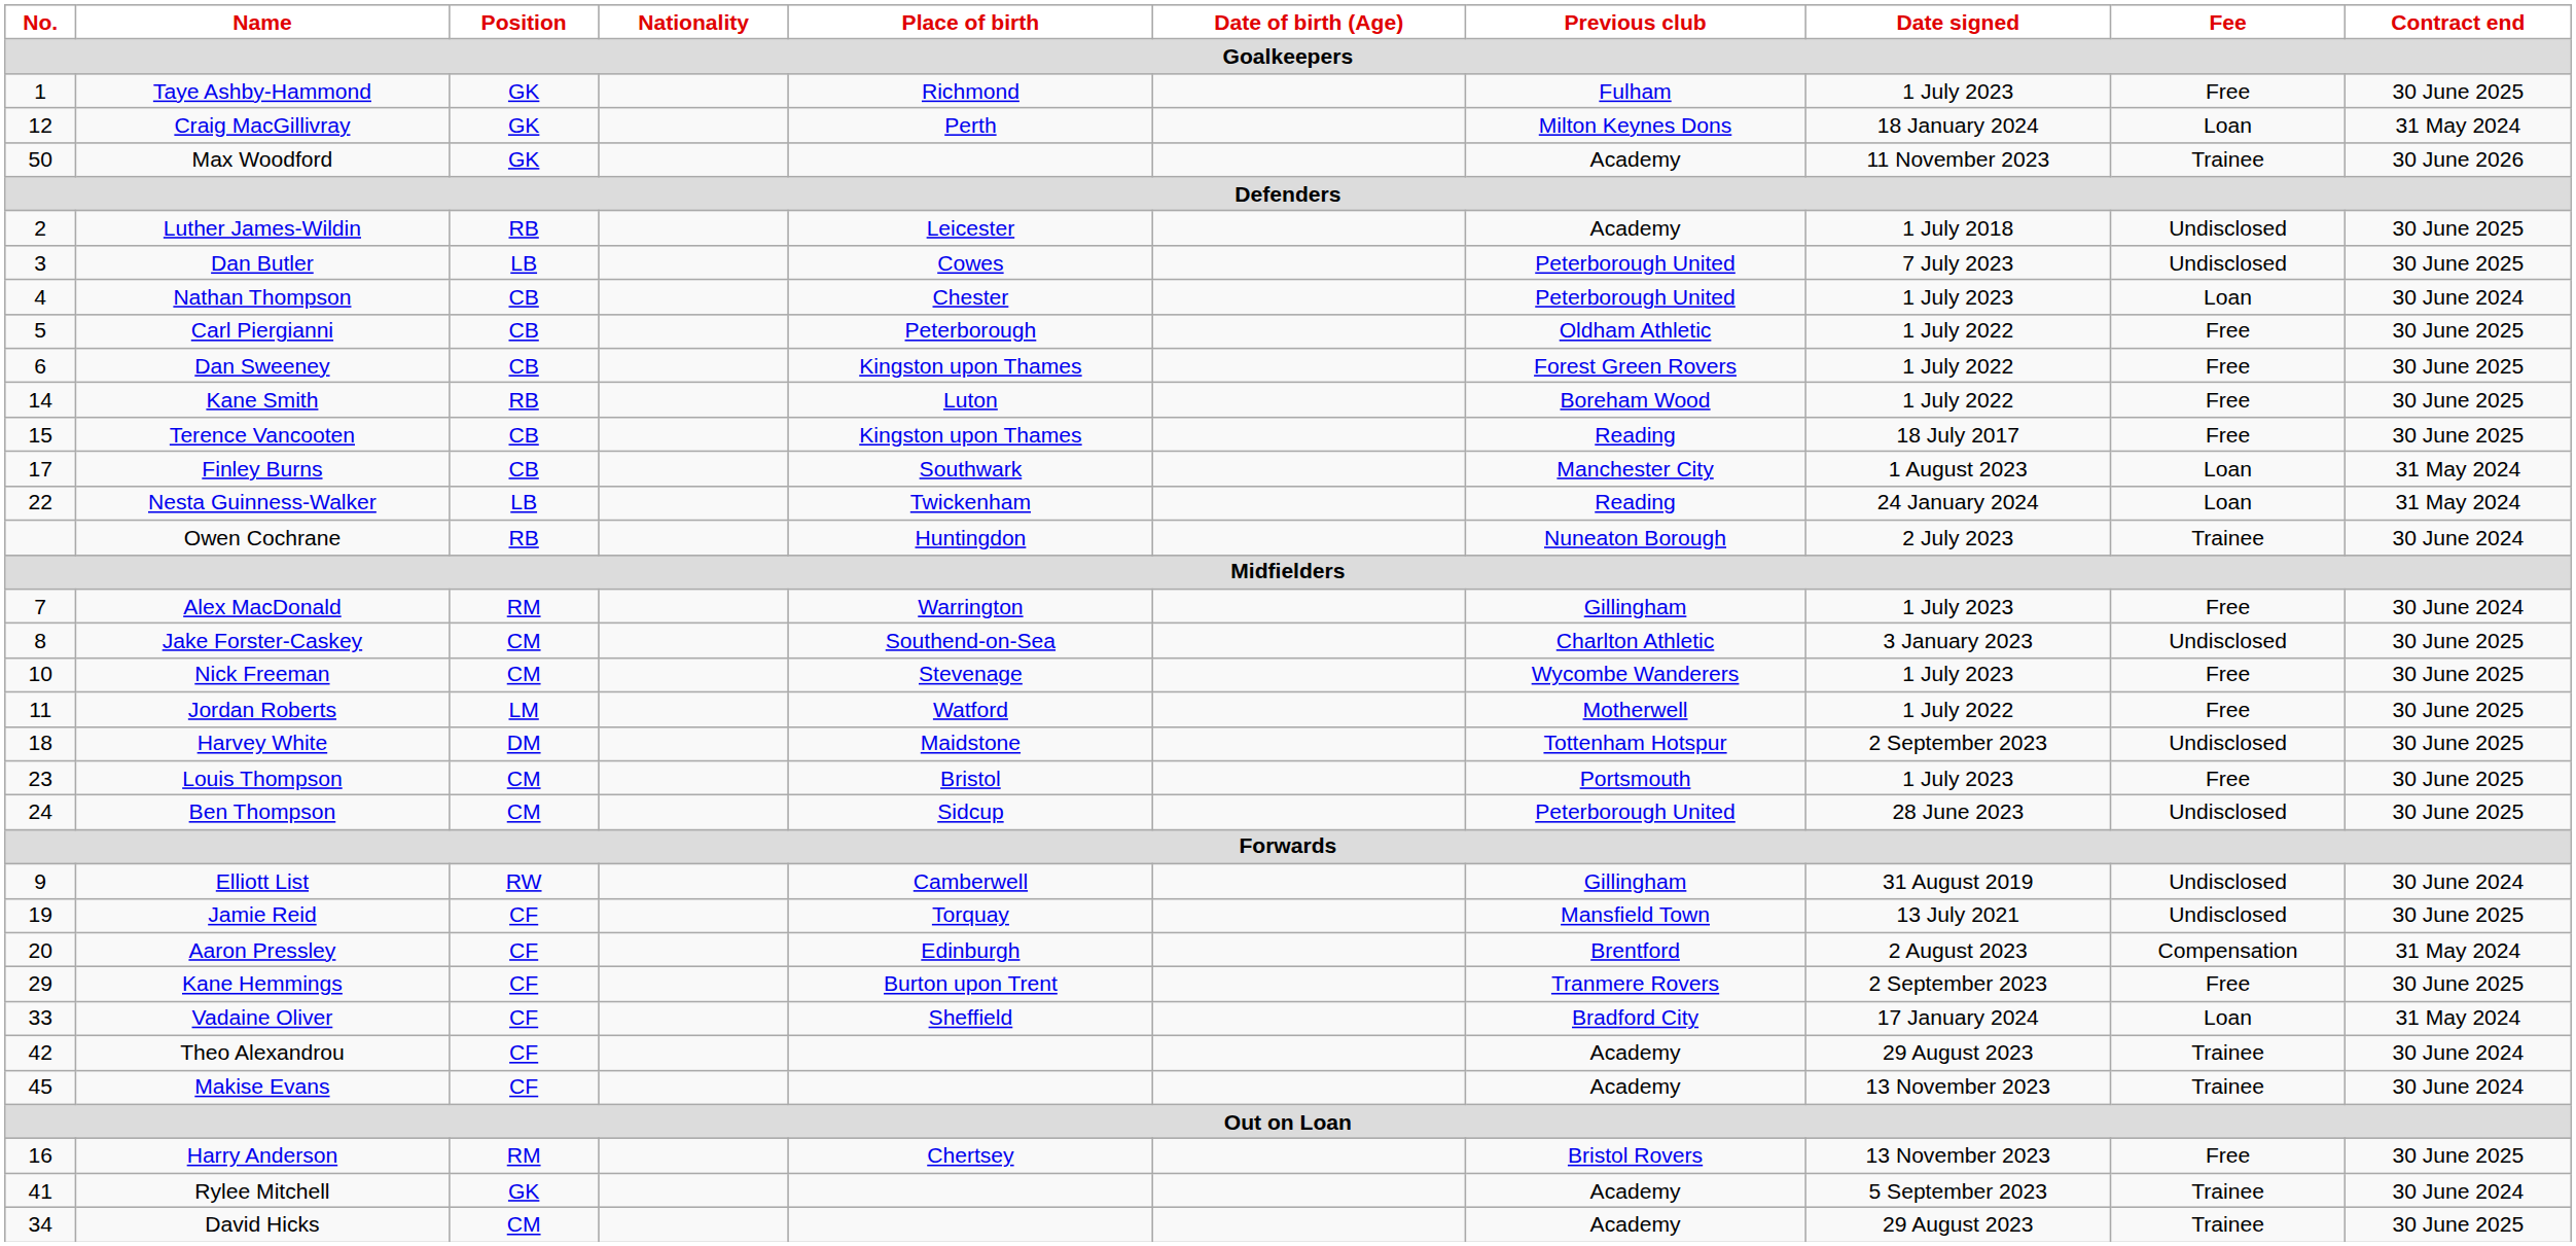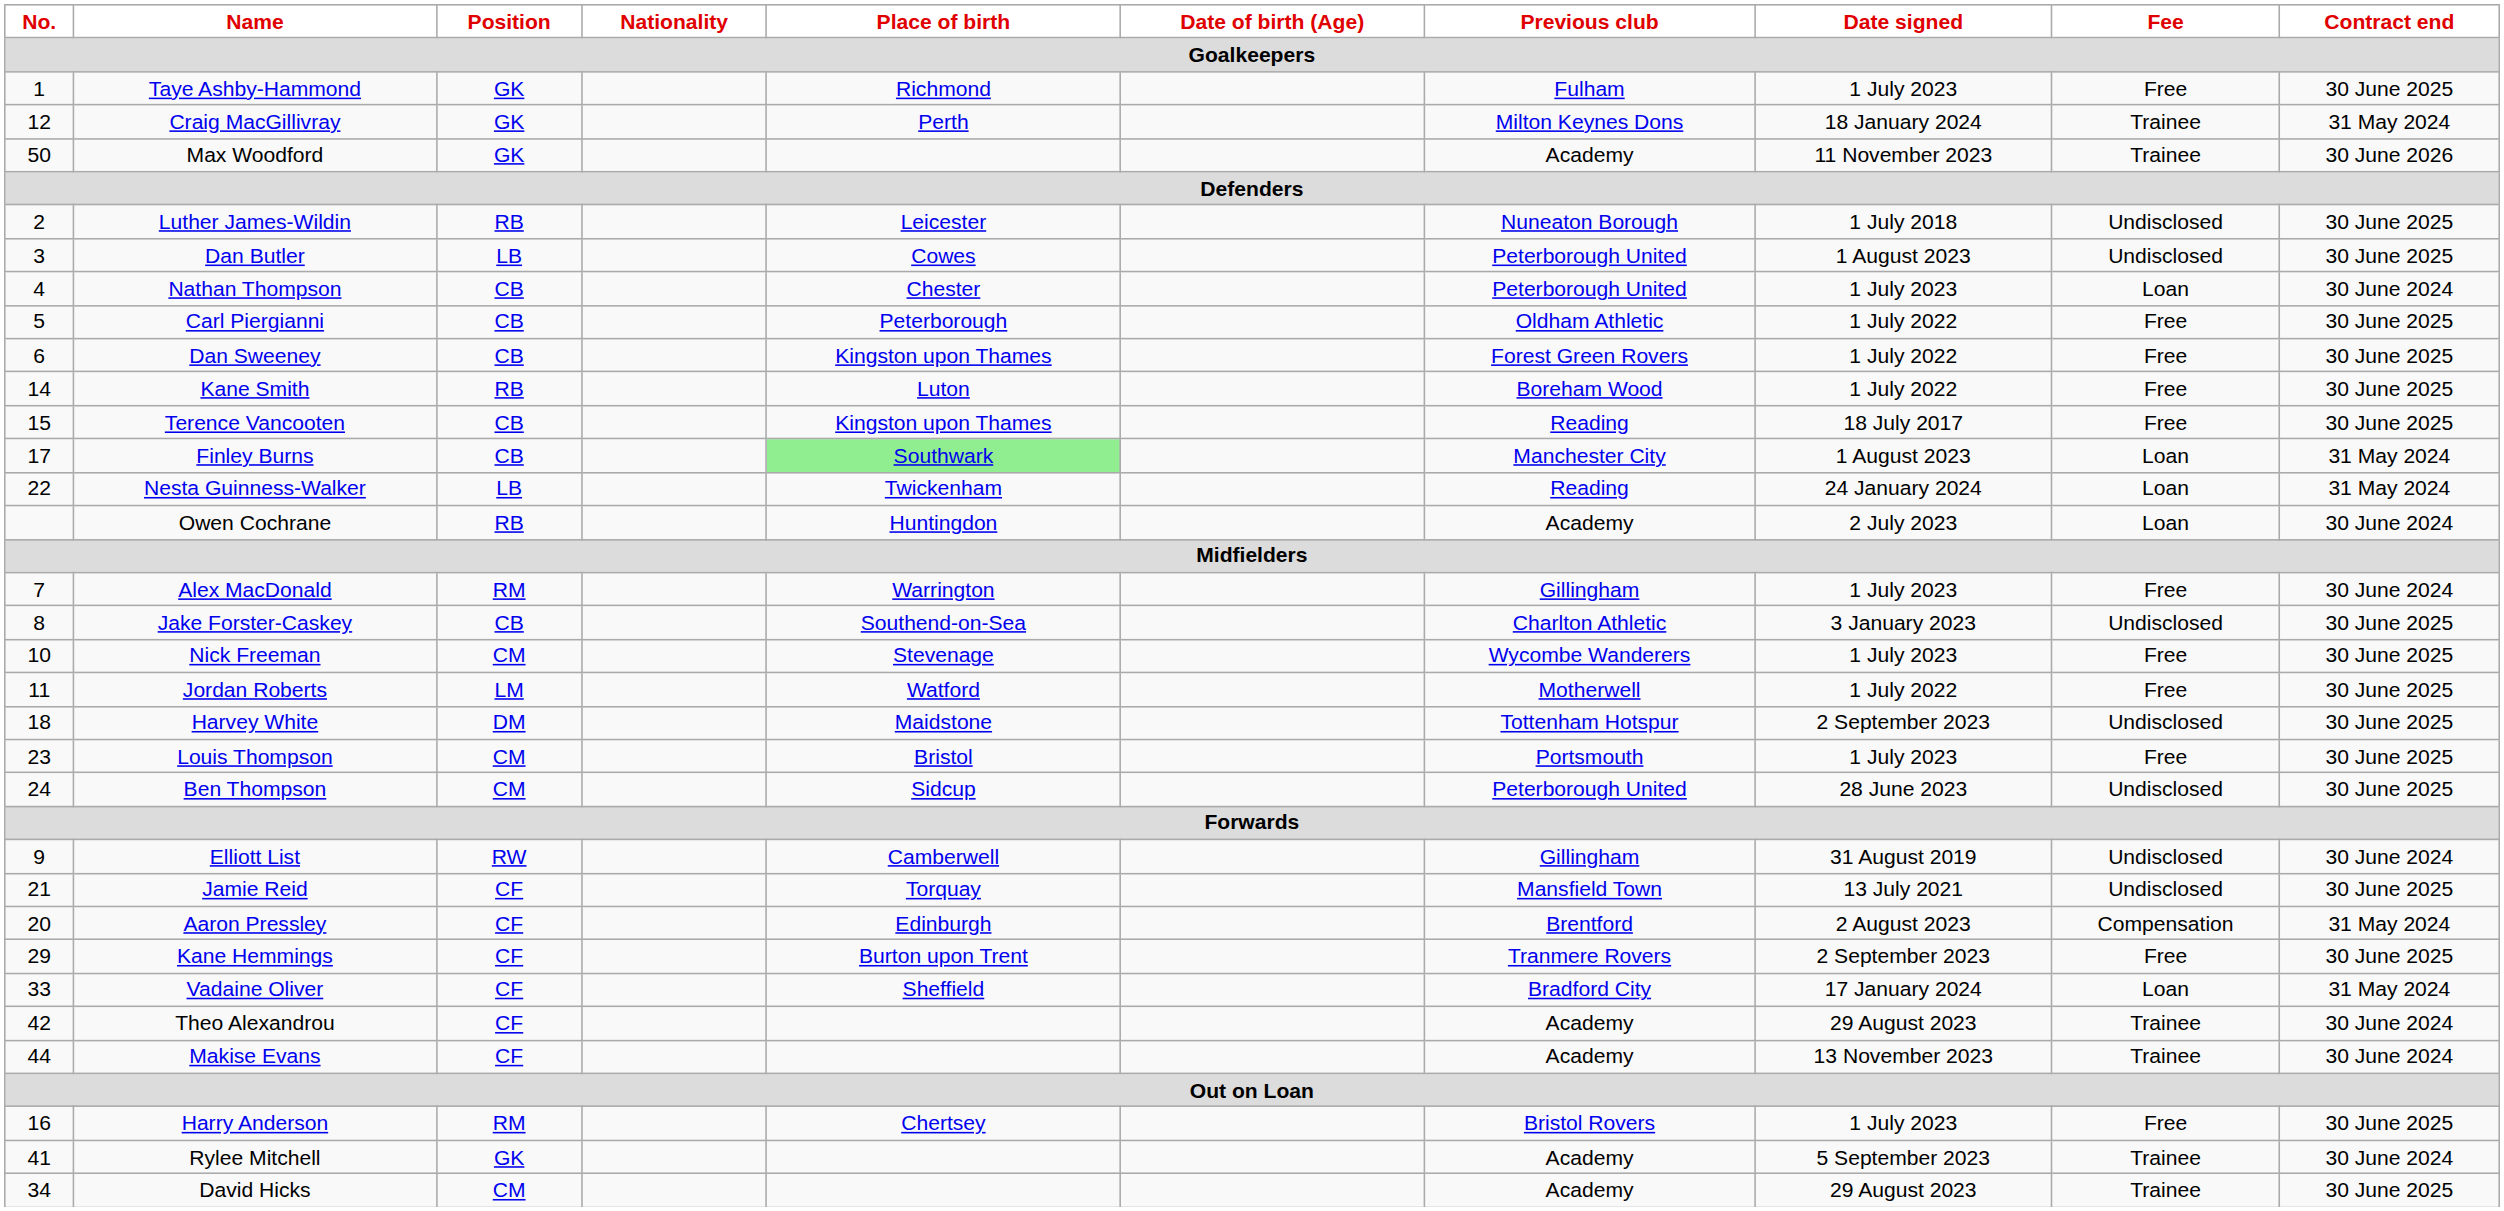 <table class="wikitable" style="text-align:center; font-size:84.5%; width:101%;">
 <tr>
 <th style="background:white; color:#E00000; text-align:center;">No.</th>
 <th style="background:white; color:#E00000; text-align:center;">Name</th>
 <th style="background:white; color:#E00000; text-align:center;">Position</th>
 <th style="background:white; color:#E00000; text-align:center;">Nationality</th>
 <th style="background:white; color:#E00000; text-align:center;">Place of birth</th>
 <th style="background:white; color:#E00000; text-align:center;">Date of birth (Age)</th>
 <th style="background:white; color:#E00000; text-align:center;">Previous club</th>
 <th style="background:white; color:#E00000; text-align:center;">Date signed</th>
 <th style="background:white; color:#E00000; text-align:center;">Fee</th>
 <th style="background:white; color:#E00000; text-align:center;">Contract end</th>
 </tr>
 <tr>
 <th colspan="14" style="background:#dcdcdc; tepxt-align:center;">Goalkeepers</th>
 </tr>
 <tr>
 <td>1</td>
 <td><a href='#'>Taye Ashby-Hammond</a></td>
 <td><a href='#'>GK</a></td>
 <td></td>
 <td><a href='#'>Richmond</a></td>
 <td></td>
 <td><a href='#'>Fulham</a></td>
 <td>1 July 2023</td>
 <td>Free</td>
 <td>30 June 2025</td>
 </tr>
 <tr>
 <td>12</td>
 <td><a href='#'>Craig MacGillivray</a></td>
 <td><a href='#'>GK</a></td>
 <td></td>
 <td><a href='#'>Perth</a></td>
 <td></td>
 <td><a href='#'>Milton Keynes Dons</a></td>
 <td>18 January 2024</td>
-<td>Loan</td>
+<td>Trainee</td>
 <td>31 May 2024</td>
 </tr>
 <tr>
 <td>50</td>
 <td>Max Woodford</td>
 <td><a href='#'>GK</a></td>
 <td></td>
 <td></td>
 <td></td>
 <td>Academy</td>
 <td>11 November 2023</td>
 <td>Trainee</td>
 <td>30 June 2026</td>
 </tr>
 <tr>
 <th colspan="14" style="background:#dcdcdc; tepxt-align:center;">Defenders</th>
 </tr>
 <tr>
 <td>2</td>
 <td><a href='#'>Luther James-Wildin</a></td>
 <td><a href='#'>RB</a></td>
 <td></td>
 <td><a href='#'>Leicester</a></td>
 <td></td>
-<td>Academy</td>
+<td><a href='#'>Nuneaton Borough</a></td>
 <td>1 July 2018</td>
 <td>Undisclosed</td>
 <td>30 June 2025</td>
 </tr>
 <tr>
 <td>3</td>
 <td><a href='#'>Dan Butler</a></td>
 <td><a href='#'>LB</a></td>
 <td></td>
 <td><a href='#'>Cowes</a></td>
 <td></td>
 <td><a href='#'>Peterborough United</a></td>
-<td>7 July 2023</td>
+<td>1 August 2023</td>
 <td>Undisclosed</td>
 <td>30 June 2025</td>
 </tr>
 <tr>
 <td>4</td>
 <td><a href='#'>Nathan Thompson</a></td>
 <td><a href='#'>CB</a></td>
 <td></td>
 <td><a href='#'>Chester</a></td>
 <td></td>
 <td><a href='#'>Peterborough United</a></td>
 <td>1 July 2023</td>
 <td>Loan</td>
 <td>30 June 2024</td>
 </tr>
 <tr>
 <td>5</td>
 <td><a href='#'>Carl Piergianni</a></td>
 <td><a href='#'>CB</a></td>
 <td></td>
 <td><a href='#'>Peterborough</a></td>
 <td></td>
 <td><a href='#'>Oldham Athletic</a></td>
 <td>1 July 2022</td>
 <td>Free</td>
 <td>30 June 2025</td>
 </tr>
 <tr>
 <td>6</td>
 <td><a href='#'>Dan Sweeney</a></td>
 <td><a href='#'>CB</a></td>
 <td></td>
 <td><a href='#'>Kingston upon Thames</a></td>
 <td></td>
 <td><a href='#'>Forest Green Rovers</a></td>
 <td>1 July 2022</td>
 <td>Free</td>
 <td>30 June 2025</td>
 </tr>
 <tr>
 <td>14</td>
 <td><a href='#'>Kane Smith</a></td>
 <td><a href='#'>RB</a></td>
 <td></td>
 <td><a href='#'>Luton</a></td>
 <td></td>
 <td><a href='#'>Boreham Wood</a></td>
 <td>1 July 2022</td>
 <td>Free</td>
 <td>30 June 2025</td>
 </tr>
 <tr>
 <td>15</td>
 <td><a href='#'>Terence Vancooten</a></td>
 <td><a href='#'>CB</a></td>
 <td></td>
 <td><a href='#'>Kingston upon Thames</a></td>
 <td></td>
 <td><a href='#'>Reading</a></td>
 <td>18 July 2017</td>
 <td>Free</td>
 <td>30 June 2025</td>
 </tr>
 <tr>
 <td>17</td>
 <td><a href='#'>Finley Burns</a></td>
 <td><a href='#'>CB</a></td>
 <td></td>
-<td><a href='#'>Southwark</a></td>
+<td style="background: lightgreen;"><a href='#'>Southwark</a></td>
 <td></td>
 <td><a href='#'>Manchester City</a></td>
 <td>1 August 2023</td>
 <td>Loan</td>
 <td>31 May 2024</td>
 </tr>
 <tr>
 <td>22</td>
 <td><a href='#'>Nesta Guinness-Walker</a></td>
 <td><a href='#'>LB</a></td>
 <td></td>
 <td><a href='#'>Twickenham</a></td>
 <td></td>
 <td><a href='#'>Reading</a></td>
 <td>24 January 2024</td>
 <td>Loan</td>
 <td>31 May 2024</td>
 </tr>
 <tr>
 <td></td>
 <td>Owen Cochrane</td>
 <td><a href='#'>RB</a></td>
 <td></td>
 <td><a href='#'>Huntingdon</a></td>
 <td></td>
-<td><a href='#'>Nuneaton Borough</a></td>
+<td>Academy</td>
 <td>2 July 2023</td>
-<td>Trainee</td>
+<td>Loan</td>
 <td>30 June 2024</td>
 </tr>
 <tr>
 <th colspan="14" style="background:#dcdcdc; tepxt-align:center;">Midfielders</th>
 </tr>
 <tr>
 <td>7</td>
 <td><a href='#'>Alex MacDonald</a></td>
 <td><a href='#'>RM</a></td>
 <td></td>
 <td><a href='#'>Warrington</a></td>
 <td></td>
 <td><a href='#'>Gillingham</a></td>
 <td>1 July 2023</td>
 <td>Free</td>
 <td>30 June 2024</td>
 </tr>
 <tr>
 <td>8</td>
 <td><a href='#'>Jake Forster-Caskey</a></td>
-<td><a href='#'>CM</a></td>
+<td><a href='#'>CB</a></td>
 <td></td>
 <td><a href='#'>Southend-on-Sea</a></td>
 <td></td>
 <td><a href='#'>Charlton Athletic</a></td>
 <td>3 January 2023</td>
 <td>Undisclosed</td>
 <td>30 June 2025</td>
 </tr>
 <tr>
 <td>10</td>
 <td><a href='#'>Nick Freeman</a></td>
 <td><a href='#'>CM</a></td>
 <td></td>
 <td><a href='#'>Stevenage</a></td>
 <td></td>
 <td><a href='#'>Wycombe Wanderers</a></td>
 <td>1 July 2023</td>
 <td>Free</td>
 <td>30 June 2025</td>
 </tr>
 <tr>
 <td>11</td>
 <td><a href='#'>Jordan Roberts</a></td>
 <td><a href='#'>LM</a></td>
 <td></td>
 <td><a href='#'>Watford</a></td>
 <td></td>
 <td><a href='#'>Motherwell</a></td>
 <td>1 July 2022</td>
 <td>Free</td>
 <td>30 June 2025</td>
 </tr>
 <tr>
 <td>18</td>
 <td><a href='#'>Harvey White</a></td>
 <td><a href='#'>DM</a></td>
 <td></td>
 <td><a href='#'>Maidstone</a></td>
 <td></td>
 <td><a href='#'>Tottenham Hotspur</a></td>
 <td>2 September 2023</td>
 <td>Undisclosed</td>
 <td>30 June 2025</td>
 </tr>
 <tr>
 <td>23</td>
 <td><a href='#'>Louis Thompson</a></td>
 <td><a href='#'>CM</a></td>
 <td></td>
 <td><a href='#'>Bristol</a></td>
 <td></td>
 <td><a href='#'>Portsmouth</a></td>
 <td>1 July 2023</td>
 <td>Free</td>
 <td>30 June 2025</td>
 </tr>
 <tr>
 <td>24</td>
 <td><a href='#'>Ben Thompson</a></td>
 <td><a href='#'>CM</a></td>
 <td></td>
 <td><a href='#'>Sidcup</a></td>
 <td></td>
 <td><a href='#'>Peterborough United</a></td>
 <td>28 June 2023</td>
 <td>Undisclosed</td>
 <td>30 June 2025</td>
 </tr>
 <tr>
 <th colspan="14" style="background:#dcdcdc; tepxt-align:center;">Forwards</th>
 </tr>
 <tr>
 <td>9</td>
 <td><a href='#'>Elliott List</a></td>
 <td><a href='#'>RW</a></td>
 <td></td>
 <td><a href='#'>Camberwell</a></td>
 <td></td>
 <td><a href='#'>Gillingham</a></td>
 <td>31 August 2019</td>
 <td>Undisclosed</td>
 <td>30 June 2024</td>
 </tr>
 <tr>
-<td>19</td>
+<td>21</td>
 <td><a href='#'>Jamie Reid</a></td>
 <td><a href='#'>CF</a></td>
 <td></td>
 <td><a href='#'>Torquay</a></td>
 <td></td>
 <td><a href='#'>Mansfield Town</a></td>
 <td>13 July 2021</td>
 <td>Undisclosed</td>
 <td>30 June 2025</td>
 </tr>
 <tr>
 <td>20</td>
 <td><a href='#'>Aaron Pressley</a></td>
 <td><a href='#'>CF</a></td>
 <td></td>
 <td><a href='#'>Edinburgh</a></td>
 <td></td>
 <td><a href='#'>Brentford</a></td>
 <td>2 August 2023</td>
 <td>Compensation</td>
 <td>31 May 2024</td>
 </tr>
 <tr>
 <td>29</td>
 <td><a href='#'>Kane Hemmings</a></td>
 <td><a href='#'>CF</a></td>
 <td></td>
 <td><a href='#'>Burton upon Trent</a></td>
 <td></td>
 <td><a href='#'>Tranmere Rovers</a></td>
 <td>2 September 2023</td>
 <td>Free</td>
 <td>30 June 2025</td>
 </tr>
 <tr>
 <td>33</td>
 <td><a href='#'>Vadaine Oliver</a></td>
 <td><a href='#'>CF</a></td>
 <td></td>
 <td><a href='#'>Sheffield</a></td>
 <td></td>
 <td><a href='#'>Bradford City</a></td>
 <td>17 January 2024</td>
 <td>Loan</td>
 <td>31 May 2024</td>
 </tr>
 <tr>
 <td>42</td>
 <td>Theo Alexandrou</td>
 <td><a href='#'>CF</a></td>
 <td></td>
 <td></td>
 <td></td>
 <td>Academy</td>
 <td>29 August 2023</td>
 <td>Trainee</td>
 <td>30 June 2024</td>
 </tr>
 <tr>
-<td>45</td>
+<td>44</td>
 <td><a href='#'>Makise Evans</a></td>
 <td><a href='#'>CF</a></td>
 <td></td>
 <td></td>
 <td></td>
 <td>Academy</td>
 <td>13 November 2023</td>
 <td>Trainee</td>
 <td>30 June 2024</td>
 </tr>
 <tr>
 <th colspan="14" style="background:#dcdcdc; tepxt-align:center;">Out on Loan</th>
 </tr>
 <tr>
 <td>16</td>
 <td><a href='#'>Harry Anderson</a></td>
 <td><a href='#'>RM</a></td>
 <td></td>
 <td><a href='#'>Chertsey</a></td>
 <td></td>
 <td><a href='#'>Bristol Rovers</a></td>
-<td>13 November 2023</td>
+<td>1 July 2023</td>
 <td>Free</td>
 <td>30 June 2025</td>
 </tr>
 <tr>
 <td>41</td>
 <td>Rylee Mitchell</td>
 <td><a href='#'>GK</a></td>
 <td></td>
 <td></td>
 <td></td>
 <td>Academy</td>
 <td>5 September 2023</td>
 <td>Trainee</td>
 <td>30 June 2024</td>
 </tr>
 <tr>
 <td>34</td>
 <td>David Hicks</td>
 <td><a href='#'>CM</a></td>
 <td></td>
 <td></td>
 <td></td>
 <td>Academy</td>
 <td>29 August 2023</td>
 <td>Trainee</td>
 <td>30 June 2025</td>
 </tr>
 </table>
